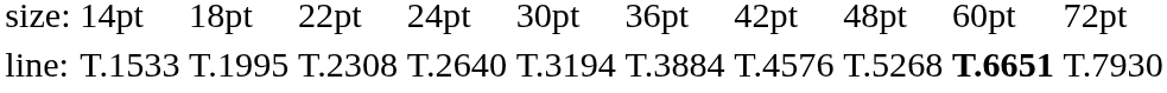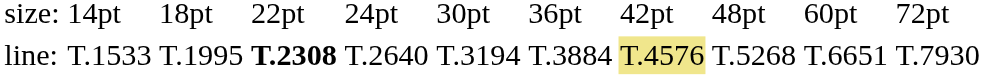 <table style="margin-left:40px;">
 <tr>
 <td>size:</td>
 <td>14pt</td>
 <td>18pt</td>
 <td>22pt</td>
 <td>24pt</td>
 <td>30pt</td>
 <td>36pt</td>
 <td>42pt</td>
 <td>48pt</td>
 <td>60pt</td>
 <td>72pt</td>
 </tr>
 <tr>
 <td>line:</td>
 <td>T.1533</td>
 <td>T.1995</td>
-<td>T.2308</td>
+<td><strong>T.2308</strong></td>
 <td>T.2640</td>
 <td>T.3194</td>
 <td>T.3884</td>
-<td>T.4576</td>
+<td style="background: khaki;">T.4576</td>
 <td>T.5268</td>
-<td><strong>T.6651</strong></td>
+<td>T.6651</td>
 <td>T.7930</td>
 </tr>
 </table>
